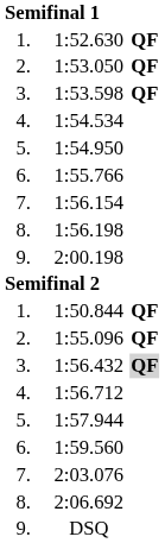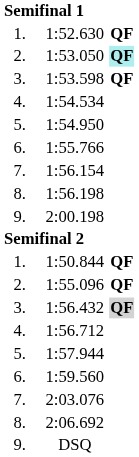 <table style="text-align:center">
 <tr>
 <td colspan=4 align=left><strong>Semifinal 1</strong></td>
 </tr>
 <tr>
 <td width=30>1.</td>
 <td align=left></td>
 <td width=60>1:52.630</td>
 <td><strong>QF</strong></td>
 </tr>
 <tr>
 <td>2.</td>
 <td align=left></td>
 <td>1:53.050</td>
-<td><strong>QF</strong></td>
+<td style="background: paleturquoise;"><strong>QF</strong></td>
 </tr>
 <tr>
 <td>3.</td>
 <td align=left></td>
 <td>1:53.598</td>
 <td><strong>QF</strong></td>
 </tr>
 <tr>
 <td>4.</td>
 <td align=left></td>
 <td>1:54.534</td>
 </tr>
 <tr>
 <td>5.</td>
 <td align=left></td>
 <td>1:54.950</td>
 </tr>
 <tr>
 <td>6.</td>
 <td align=left></td>
 <td>1:55.766</td>
 </tr>
 <tr>
 <td>7.</td>
 <td align=left></td>
 <td>1:56.154</td>
 </tr>
 <tr>
 <td>8.</td>
 <td align=left></td>
 <td>1:56.198</td>
 </tr>
 <tr>
 <td>9.</td>
 <td align=left></td>
 <td>2:00.198</td>
 </tr>
 <tr>
 <td colspan=4 align=left><strong>Semifinal 2</strong></td>
 </tr>
 <tr>
 <td>1.</td>
 <td align=left></td>
 <td>1:50.844</td>
 <td><strong>QF</strong></td>
 </tr>
 <tr>
 <td>2.</td>
 <td align=left></td>
 <td>1:55.096</td>
 <td><strong>QF</strong></td>
 </tr>
 <tr>
 <td>3.</td>
 <td align=left></td>
 <td>1:56.432</td>
 <td style="background: lightgrey;"><strong>QF</strong></td>
 </tr>
 <tr>
 <td>4.</td>
 <td align=left></td>
 <td>1:56.712</td>
 </tr>
 <tr>
 <td>5.</td>
 <td align=left></td>
 <td>1:57.944</td>
 </tr>
 <tr>
 <td>6.</td>
 <td align=left></td>
 <td>1:59.560</td>
 </tr>
 <tr>
 <td>7.</td>
 <td align=left></td>
 <td>2:03.076</td>
 </tr>
 <tr>
 <td>8.</td>
 <td align=left></td>
 <td>2:06.692</td>
 </tr>
 <tr>
 <td>9.</td>
 <td align=left></td>
 <td>DSQ</td>
 </tr>
 </table>
